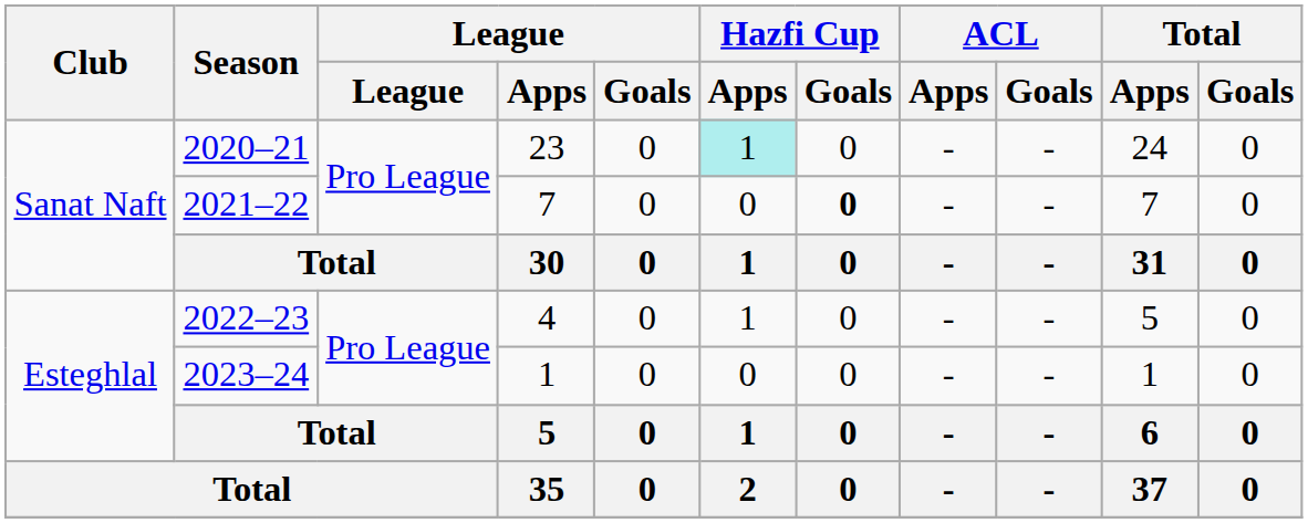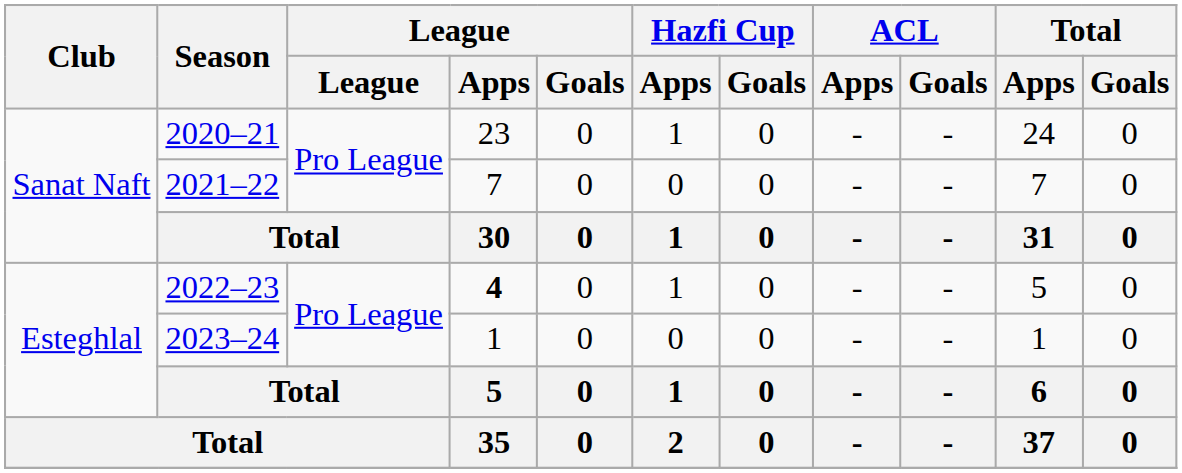 <table class="wikitable" style="text-align: center;">
 <tr>
 <th rowspan=2>Club</th>
 <th rowspan=2>Season</th>
 <th colspan=3>League</th>
 <th colspan="2"><a href='#'>Hazfi Cup</a></th>
 <th colspan="2"><a href='#'>ACL</a></th>
 <th colspan="2">Total</th>
 </tr>
 <tr>
 <th>League</th>
 <th>Apps</th>
 <th>Goals</th>
 <th>Apps</th>
 <th>Goals</th>
 <th>Apps</th>
 <th>Goals</th>
 <th>Apps</th>
 <th>Goals</th>
 </tr>
 <tr>
 <td rowspan="3"><a href='#'>Sanat Naft</a></td>
 <td><a href='#'>2020–21</a></td>
 <td rowspan="2"><a href='#'>Pro League</a></td>
 <td>23</td>
 <td>0</td>
-<td style="background: paleturquoise;">1</td>
+<td>1</td>
 <td>0</td>
 <td>-</td>
 <td>-</td>
 <td>24</td>
 <td>0</td>
 </tr>
 <tr>
 <td><a href='#'>2021–22</a></td>
 <td>7</td>
 <td>0</td>
 <td>0</td>
-<td><strong>0</strong></td>
+<td>0</td>
 <td>-</td>
 <td>-</td>
 <td>7</td>
 <td>0</td>
 </tr>
 <tr>
 <th colspan=2>Total</th>
 <th>30</th>
 <th>0</th>
 <th>1</th>
 <th>0</th>
 <th>-</th>
 <th>-</th>
 <th>31</th>
 <th>0</th>
 </tr>
 <tr>
 <td rowspan="3"><a href='#'>Esteghlal</a></td>
 <td><a href='#'>2022–23</a></td>
 <td rowspan="2"><a href='#'>Pro League</a></td>
-<td>4</td>
+<td><strong>4</strong></td>
 <td>0</td>
 <td>1</td>
 <td>0</td>
 <td>-</td>
 <td>-</td>
 <td>5</td>
 <td>0</td>
 </tr>
 <tr>
 <td><a href='#'>2023–24</a></td>
 <td>1</td>
 <td>0</td>
 <td>0</td>
 <td>0</td>
 <td>-</td>
 <td>-</td>
 <td>1</td>
 <td>0</td>
 </tr>
 <tr>
 <th colspan=2>Total</th>
 <th>5</th>
 <th>0</th>
 <th>1</th>
 <th>0</th>
 <th>-</th>
 <th>-</th>
 <th>6</th>
 <th>0</th>
 </tr>
 <tr>
 <th colspan=3>Total</th>
 <th>35</th>
 <th>0</th>
 <th>2</th>
 <th>0</th>
 <th>-</th>
 <th>-</th>
 <th>37</th>
 <th>0</th>
 </tr>
 <tr>
 </tr>
 </table>
